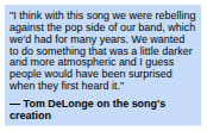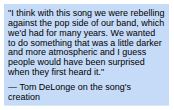 <table class="toccolours" style="float: right; margin-left: 1em; margin-right: 2em; font-size: 85%; background:#c6dbf7; color:black; width:28em; max-width: 40%;" cellspacing="5">
 <tr>
 <td style="text-align: left;">"I think with this song we were rebelling against the pop side of our band, which we'd had for many years. We wanted to do something that was a little darker and more atmospheric and I guess people would have been surprised when they first heard it."</td>
 </tr>
 <tr>
-<td style="text-align: left;"><strong>— Tom DeLonge on the song's creation</strong></td>
+<td style="text-align: left;">— Tom DeLonge on the song's creation</td>
 </tr>
 </table>
